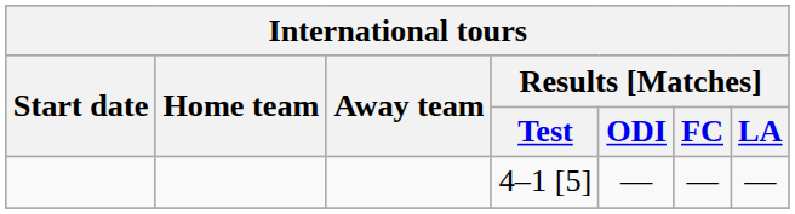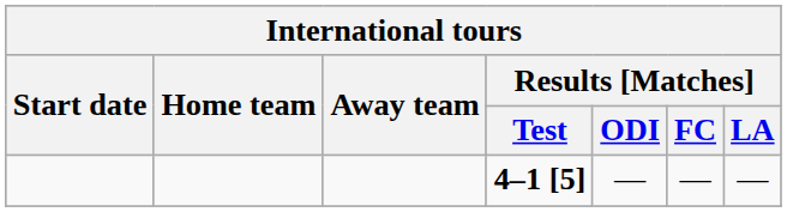 <table class="wikitable">
 <tr>
 <th colspan="7">International tours</th>
 </tr>
 <tr>
 <th rowspan="2">Start date</th>
 <th rowspan="2">Home team</th>
 <th rowspan="2">Away team</th>
 <th colspan="4">Results [Matches]</th>
 </tr>
 <tr>
 <th><a href='#'>Test</a></th>
 <th><a href='#'>ODI</a></th>
 <th><a href='#'>FC</a></th>
 <th><a href='#'>LA</a></th>
 </tr>
 <tr>
 <td><a href='#'></a></td>
 <td></td>
 <td></td>
-<td>4–1 [5]</td>
+<td><strong>4–1 [5]</strong></td>
 <td ; style="text-align:center">—</td>
 <td ; style="text-align:center">—</td>
 <td ; style="text-align:center">—</td>
 </tr>
 </table>
